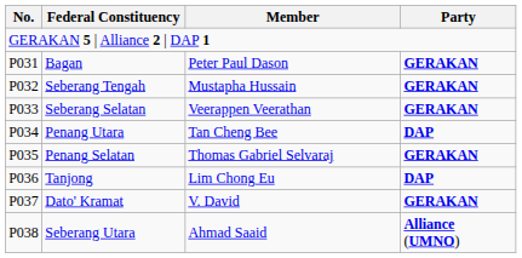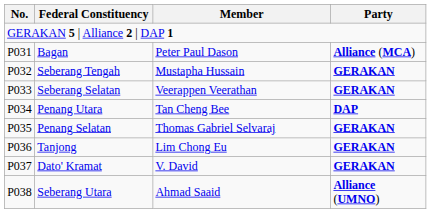 <table class="wikitable sortable">
 <tr>
 <th style="width:30px;">No.</th>
 <th style="width:150px;">Federal Constituency</th>
 <th style="width:230px;">Member</th>
 <th style="width:120px;">Party</th>
 </tr>
 <tr>
 <td colspan="4"><a href='#'>GERAKAN</a> <strong>5</strong> | <a href='#'>Alliance</a> <strong>2</strong> | <a href='#'>DAP</a> <strong>1</strong></td>
 </tr>
 <tr>
 <td>P031</td>
 <td><a href='#'>Bagan</a></td>
 <td><a href='#'>Peter Paul Dason</a></td>
-<td><strong><a href='#'>GERAKAN</a></strong></td>
+<td><strong><a href='#'>Alliance</a></strong> (<strong><a href='#'>MCA</a></strong>)</td>
 </tr>
 <tr>
 <td>P032</td>
 <td><a href='#'>Seberang Tengah</a></td>
 <td><a href='#'>Mustapha Hussain</a></td>
 <td><strong><a href='#'>GERAKAN</a></strong></td>
 </tr>
 <tr>
 <td>P033</td>
 <td><a href='#'>Seberang Selatan</a></td>
 <td><a href='#'>Veerappen Veerathan</a></td>
 <td><strong><a href='#'>GERAKAN</a></strong></td>
 </tr>
 <tr>
 <td>P034</td>
 <td><a href='#'>Penang Utara</a></td>
 <td><a href='#'>Tan Cheng Bee</a></td>
 <td><strong><a href='#'>DAP</a></strong></td>
 </tr>
 <tr>
 <td>P035</td>
 <td><a href='#'>Penang Selatan</a></td>
 <td><a href='#'>Thomas Gabriel Selvaraj</a></td>
 <td><strong><a href='#'>GERAKAN</a></strong></td>
 </tr>
 <tr>
 <td>P036</td>
 <td><a href='#'>Tanjong</a></td>
 <td><a href='#'>Lim Chong Eu</a></td>
-<td><strong><a href='#'>DAP</a></strong></td>
+<td><strong><a href='#'>GERAKAN</a></strong></td>
 </tr>
 <tr>
 <td>P037</td>
 <td><a href='#'>Dato' Kramat</a></td>
 <td><a href='#'>V. David</a></td>
 <td><strong><a href='#'>GERAKAN</a></strong></td>
 </tr>
 <tr>
 <td>P038</td>
 <td><a href='#'>Seberang Utara</a></td>
 <td><a href='#'>Ahmad Saaid</a></td>
 <td><strong><a href='#'>Alliance</a></strong> (<strong><a href='#'>UMNO</a></strong>)</td>
 </tr>
 </table>
